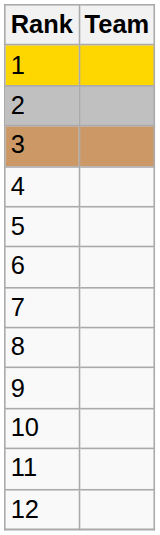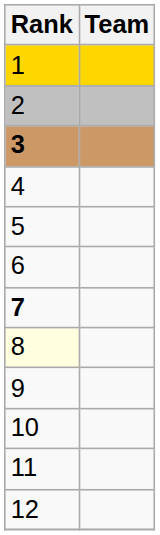 <table class="wikitable">
 <tr>
 <th>Rank</th>
 <th>Team</th>
 </tr>
 <tr style="background:gold">
 <td>1</td>
 <td></td>
 </tr>
 <tr style="background:silver">
 <td>2</td>
 <td></td>
 </tr>
 <tr style="background:#c96;">
-<td>3</td>
+<td><strong>3</strong></td>
 <td></td>
 </tr>
 <tr>
 <td>4</td>
 <td></td>
 </tr>
 <tr>
 <td>5</td>
 <td></td>
 </tr>
 <tr>
 <td>6</td>
 <td></td>
 </tr>
 <tr>
-<td>7</td>
+<td><strong>7</strong></td>
 <td></td>
 </tr>
 <tr>
-<td>8</td>
+<td style="background: lightyellow;">8</td>
 <td></td>
 </tr>
 <tr>
 <td>9</td>
 <td></td>
 </tr>
 <tr>
 <td>10</td>
 <td></td>
 </tr>
 <tr>
 <td>11</td>
 <td></td>
 </tr>
 <tr>
 <td>12</td>
 <td></td>
 </tr>
 <tr>
 </tr>
 </table>
